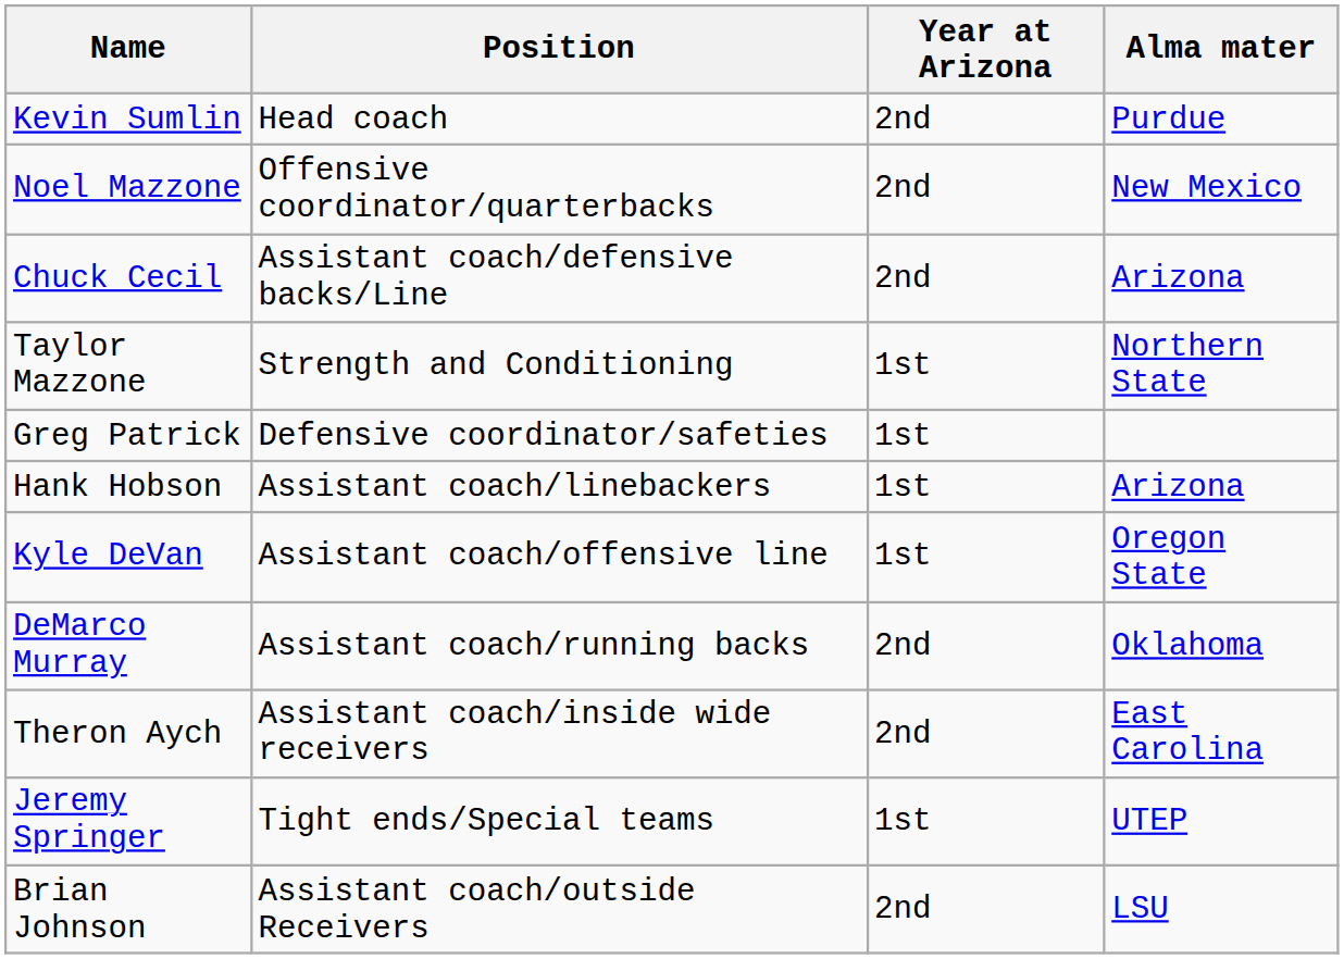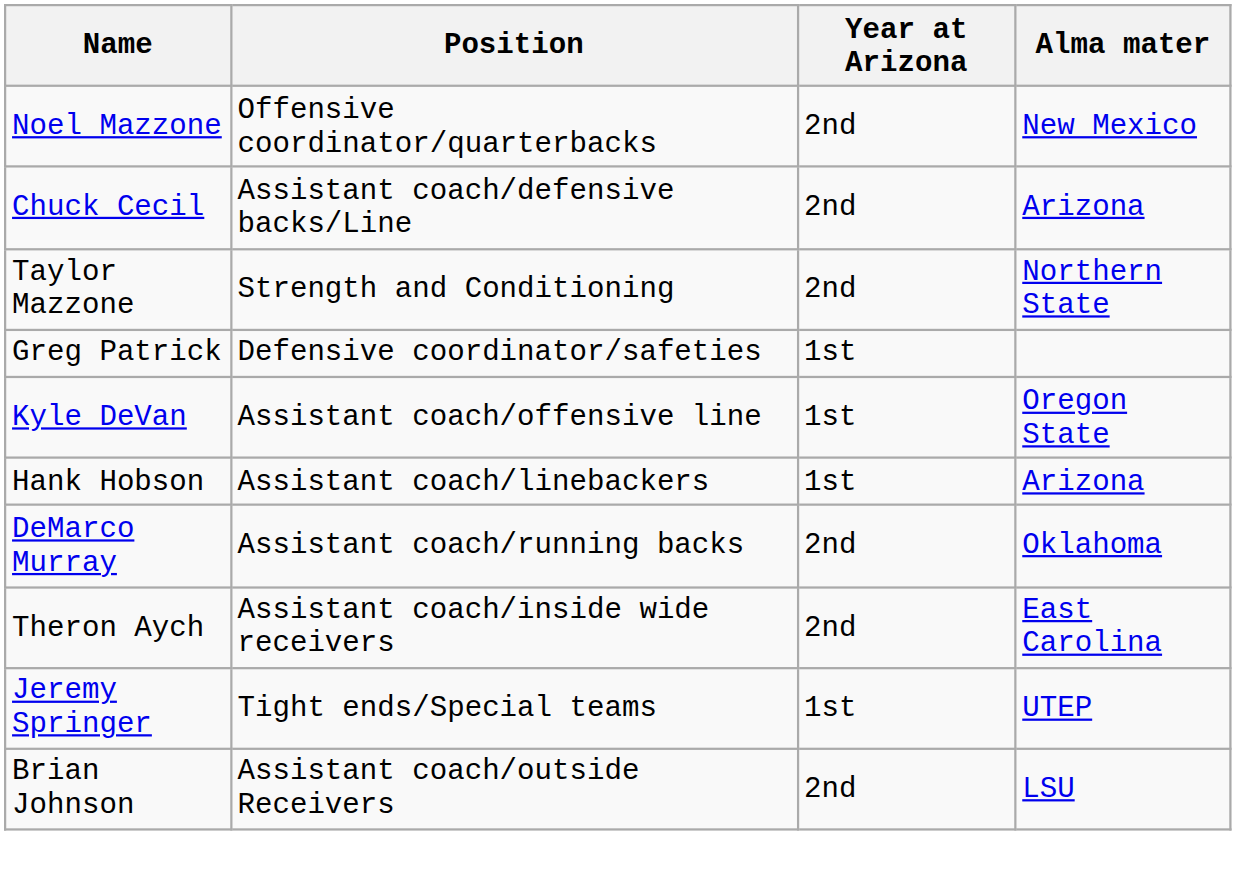 <table class="wikitable" style="width:62%">
 <tr>
 <th>Name</th>
 <th>Position</th>
 <th>Year at Arizona</th>
 <th>Alma mater</th>
-</tr>
-<tr>
-<td><a href='#'>Kevin Sumlin</a></td>
-<td>Head coach</td>
-<td>2nd</td>
-<td><a href='#'>Purdue</a></td>
 </tr>
 <tr>
 <td><a href='#'>Noel Mazzone</a></td>
 <td>Offensive coordinator/quarterbacks</td>
 <td>2nd</td>
 <td><a href='#'>New Mexico</a></td>
 </tr>
 <tr>
 <td><a href='#'>Chuck Cecil</a></td>
 <td>Assistant coach/defensive backs/Line</td>
 <td>2nd</td>
 <td><a href='#'>Arizona</a></td>
 </tr>
 <tr>
 <td>Taylor Mazzone</td>
 <td>Strength and Conditioning</td>
-<td>1st</td>
+<td>2nd</td>
 <td><a href='#'>Northern State</a></td>
 </tr>
 <tr>
 <td>Greg Patrick</td>
 <td>Defensive coordinator/safeties</td>
 <td>1st</td>
 <td></td>
 </tr>
 <tr>
+<td><a href='#'>Kyle DeVan</a></td>
+<td>Assistant coach/offensive line</td>
+<td>1st</td>
+<td><a href='#'>Oregon State</a></td>
+</tr>
+<tr>
 <td>Hank Hobson</td>
 <td>Assistant coach/linebackers</td>
 <td>1st</td>
 <td><a href='#'>Arizona</a></td>
-</tr>
-<tr>
-<td><a href='#'>Kyle DeVan</a></td>
-<td>Assistant coach/offensive line</td>
-<td>1st</td>
-<td><a href='#'>Oregon State</a></td>
 </tr>
 <tr>
 <td><a href='#'>DeMarco Murray</a></td>
 <td>Assistant coach/running backs</td>
 <td>2nd</td>
 <td><a href='#'>Oklahoma</a></td>
 </tr>
 <tr>
 <td>Theron Aych</td>
 <td>Assistant coach/inside wide receivers</td>
 <td>2nd</td>
 <td><a href='#'>East Carolina</a></td>
 </tr>
 <tr>
 <td><a href='#'>Jeremy Springer</a></td>
 <td>Tight ends/Special teams</td>
 <td>1st</td>
 <td><a href='#'>UTEP</a></td>
 </tr>
 <tr>
 <td>Brian Johnson</td>
 <td>Assistant coach/outside Receivers</td>
 <td>2nd</td>
 <td><a href='#'>LSU</a></td>
 </tr>
 </table>
